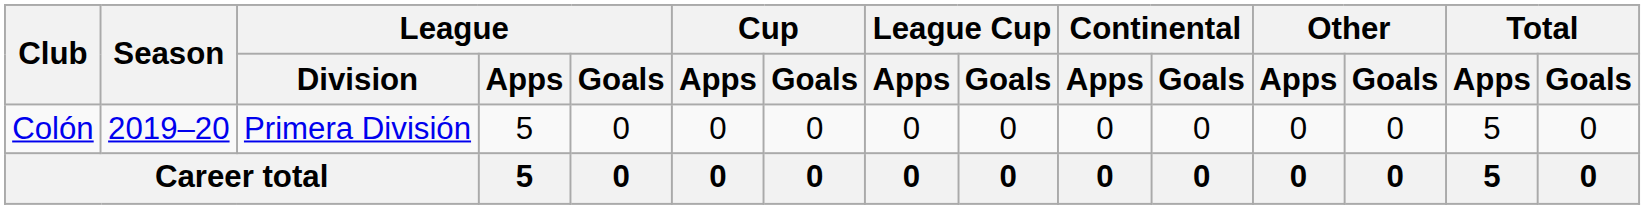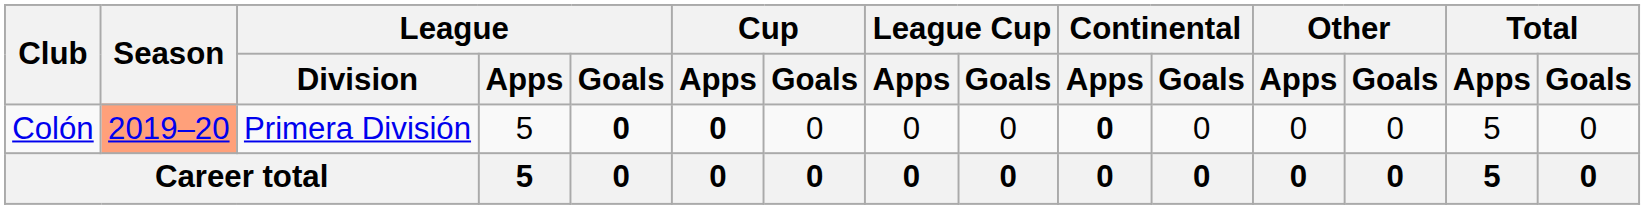 <table class="wikitable" style="text-align:center">
 <tr>
 <th rowspan="2">Club</th>
 <th rowspan="2">Season</th>
 <th colspan="3">League</th>
 <th colspan="2">Cup</th>
 <th colspan="2">League Cup</th>
 <th colspan="2">Continental</th>
 <th colspan="2">Other</th>
 <th colspan="2">Total</th>
 </tr>
 <tr>
 <th>Division</th>
 <th>Apps</th>
 <th>Goals</th>
 <th>Apps</th>
 <th>Goals</th>
 <th>Apps</th>
 <th>Goals</th>
 <th>Apps</th>
 <th>Goals</th>
 <th>Apps</th>
 <th>Goals</th>
 <th>Apps</th>
 <th>Goals</th>
 </tr>
 <tr>
 <td rowspan="1"><a href='#'>Colón</a></td>
-<td><a href='#'>2019–20</a></td>
+<td style="background: lightsalmon;"><a href='#'>2019–20</a></td>
 <td rowspan="1"><a href='#'>Primera División</a></td>
 <td>5</td>
+<td><strong>0</strong></td>
+<td><strong>0</strong></td>
 <td>0</td>
 <td>0</td>
 <td>0</td>
-<td>0</td>
-<td>0</td>
-<td>0</td>
+<td><strong>0</strong></td>
 <td>0</td>
 <td>0</td>
 <td>0</td>
 <td>5</td>
 <td>0</td>
 </tr>
 <tr>
 <th colspan="3">Career total</th>
 <th>5</th>
 <th>0</th>
 <th>0</th>
 <th>0</th>
 <th>0</th>
 <th>0</th>
 <th>0</th>
 <th>0</th>
 <th>0</th>
 <th>0</th>
 <th>5</th>
 <th>0</th>
 </tr>
 </table>
